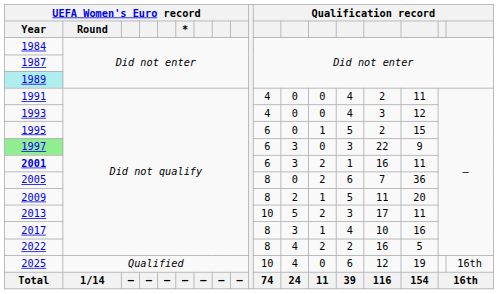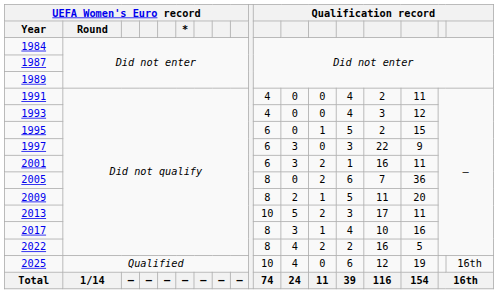 <table class="wikitable" style="text-align: center;">
 <tr>
 <th colspan=9><a href='#'>UEFA Women's Euro</a> record</th>
 <th style="width:1%;" rowspan="99"></th>
 <th colspan=8>Qualification record</th>
 </tr>
 <tr>
 <th>Year</th>
 <th>Round</th>
 <th></th>
 <th></th>
 <th></th>
 <th> *</th>
 <th></th>
 <th></th>
 <th></th>
 <th></th>
 <th></th>
 <th></th>
 <th></th>
 <th></th>
 <th></th>
 <th></th>
 <th></th>
 </tr>
 <tr>
 <td><a href='#'>1984</a></td>
 <td colspan="8" rowspan="3"><em>Did not enter</em></td>
 <td colspan=8 rowspan="3"><em>Did not enter</em></td>
 </tr>
 <tr>
 <td> <a href='#'>1987</a></td>
 </tr>
 <tr>
-<td style="background: paleturquoise;"> <a href='#'>1989</a></td>
+<td> <a href='#'>1989</a></td>
 </tr>
 <tr>
 <td> <a href='#'>1991</a></td>
 <td colspan="8" rowspan="10"><em>Did not qualify</em></td>
 <td>4</td>
 <td>0</td>
 <td>0</td>
 <td>4</td>
 <td>2</td>
 <td>11</td>
 <td colspan=2 rowspan=10>–</td>
 </tr>
 <tr>
 <td> <a href='#'>1993</a></td>
 <td>4</td>
 <td>0</td>
 <td>0</td>
 <td>4</td>
 <td>3</td>
 <td>12</td>
 </tr>
 <tr>
 <td> <a href='#'>1995</a></td>
 <td>6</td>
 <td>0</td>
 <td>1</td>
 <td>5</td>
 <td>2</td>
 <td>15</td>
 </tr>
 <tr>
-<td style="background: lightgreen;">  <a href='#'>1997</a></td>
+<td>  <a href='#'>1997</a></td>
 <td>6</td>
 <td>3</td>
 <td>0</td>
 <td>3</td>
 <td>22</td>
 <td>9</td>
 </tr>
 <tr>
-<td><strong> <a href='#'>2001</a></strong></td>
+<td> <a href='#'>2001</a></td>
 <td>6</td>
 <td>3</td>
 <td>2</td>
 <td>1</td>
 <td>16</td>
 <td>11</td>
 </tr>
 <tr>
 <td> <a href='#'>2005</a></td>
 <td>8</td>
 <td>0</td>
 <td>2</td>
 <td>6</td>
 <td>7</td>
 <td>36</td>
 </tr>
 <tr>
 <td> <a href='#'>2009</a></td>
 <td>8</td>
 <td>2</td>
 <td>1</td>
 <td>5</td>
 <td>11</td>
 <td>20</td>
 </tr>
 <tr>
 <td> <a href='#'>2013</a></td>
 <td>10</td>
 <td>5</td>
 <td>2</td>
 <td>3</td>
 <td>17</td>
 <td>11</td>
 </tr>
 <tr>
 <td> <a href='#'>2017</a></td>
 <td>8</td>
 <td>3</td>
 <td>1</td>
 <td>4</td>
 <td>10</td>
 <td>16</td>
 </tr>
 <tr>
 <td> <a href='#'>2022</a></td>
 <td>8</td>
 <td>4</td>
 <td>2</td>
 <td>2</td>
 <td>16</td>
 <td>5</td>
 </tr>
 <tr>
 <td> <a href='#'>2025</a></td>
 <td colspan="8"><em>Qualified</em></td>
 <td>10</td>
 <td>4</td>
 <td>0</td>
 <td>6</td>
 <td>12</td>
 <td>19</td>
 <td></td>
 <td>16th</td>
 </tr>
 <tr>
 <th>Total</th>
 <th>1/14</th>
 <th>–</th>
 <th>–</th>
 <th>–</th>
 <th>–</th>
 <th>–</th>
 <th>–</th>
 <th>–</th>
 <th>74</th>
 <th>24</th>
 <th>11</th>
 <th>39</th>
 <th>116</th>
 <th>154</th>
 <th colspan=2>16th</th>
 </tr>
 </table>
